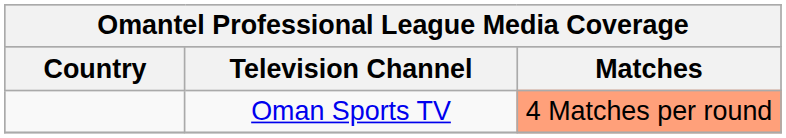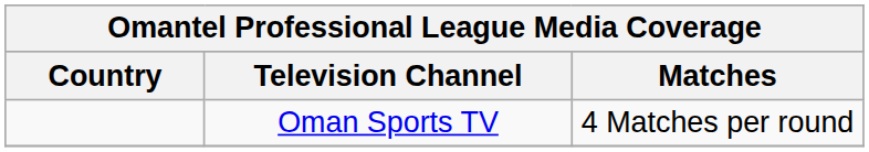 <table class="wikitable" style="text-align:center">
 <tr>
 <th colspan=3>Omantel Professional League Media Coverage</th>
 </tr>
 <tr>
 <th style="width:100px;">Country</th>
 <th style="width:190px;">Television Channel</th>
 <th style="width:150px;">Matches</th>
 </tr>
 <tr>
 <td></td>
 <td><a href='#'>Oman Sports TV</a></td>
-<td style="background: lightsalmon;">4 Matches per round</td>
+<td>4 Matches per round</td>
 </tr>
 <tr>
 </tr>
 </table>
